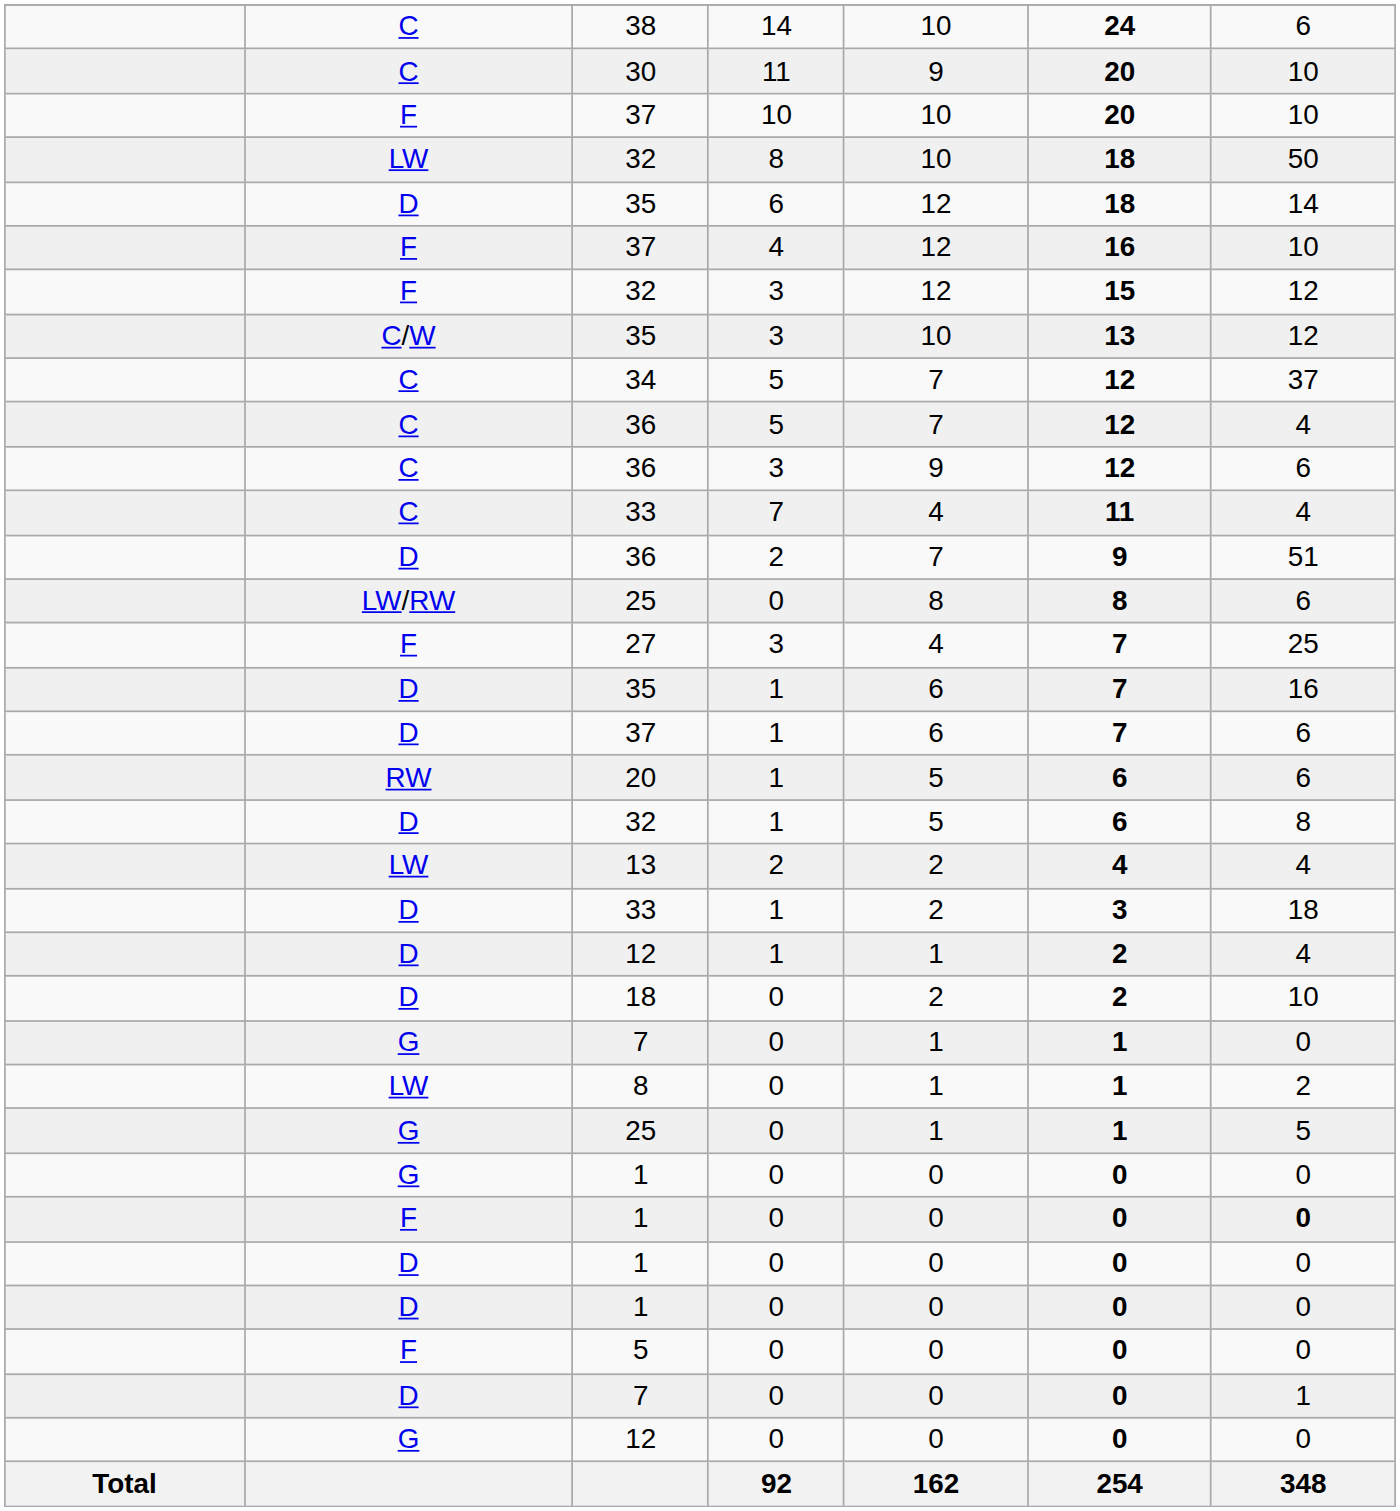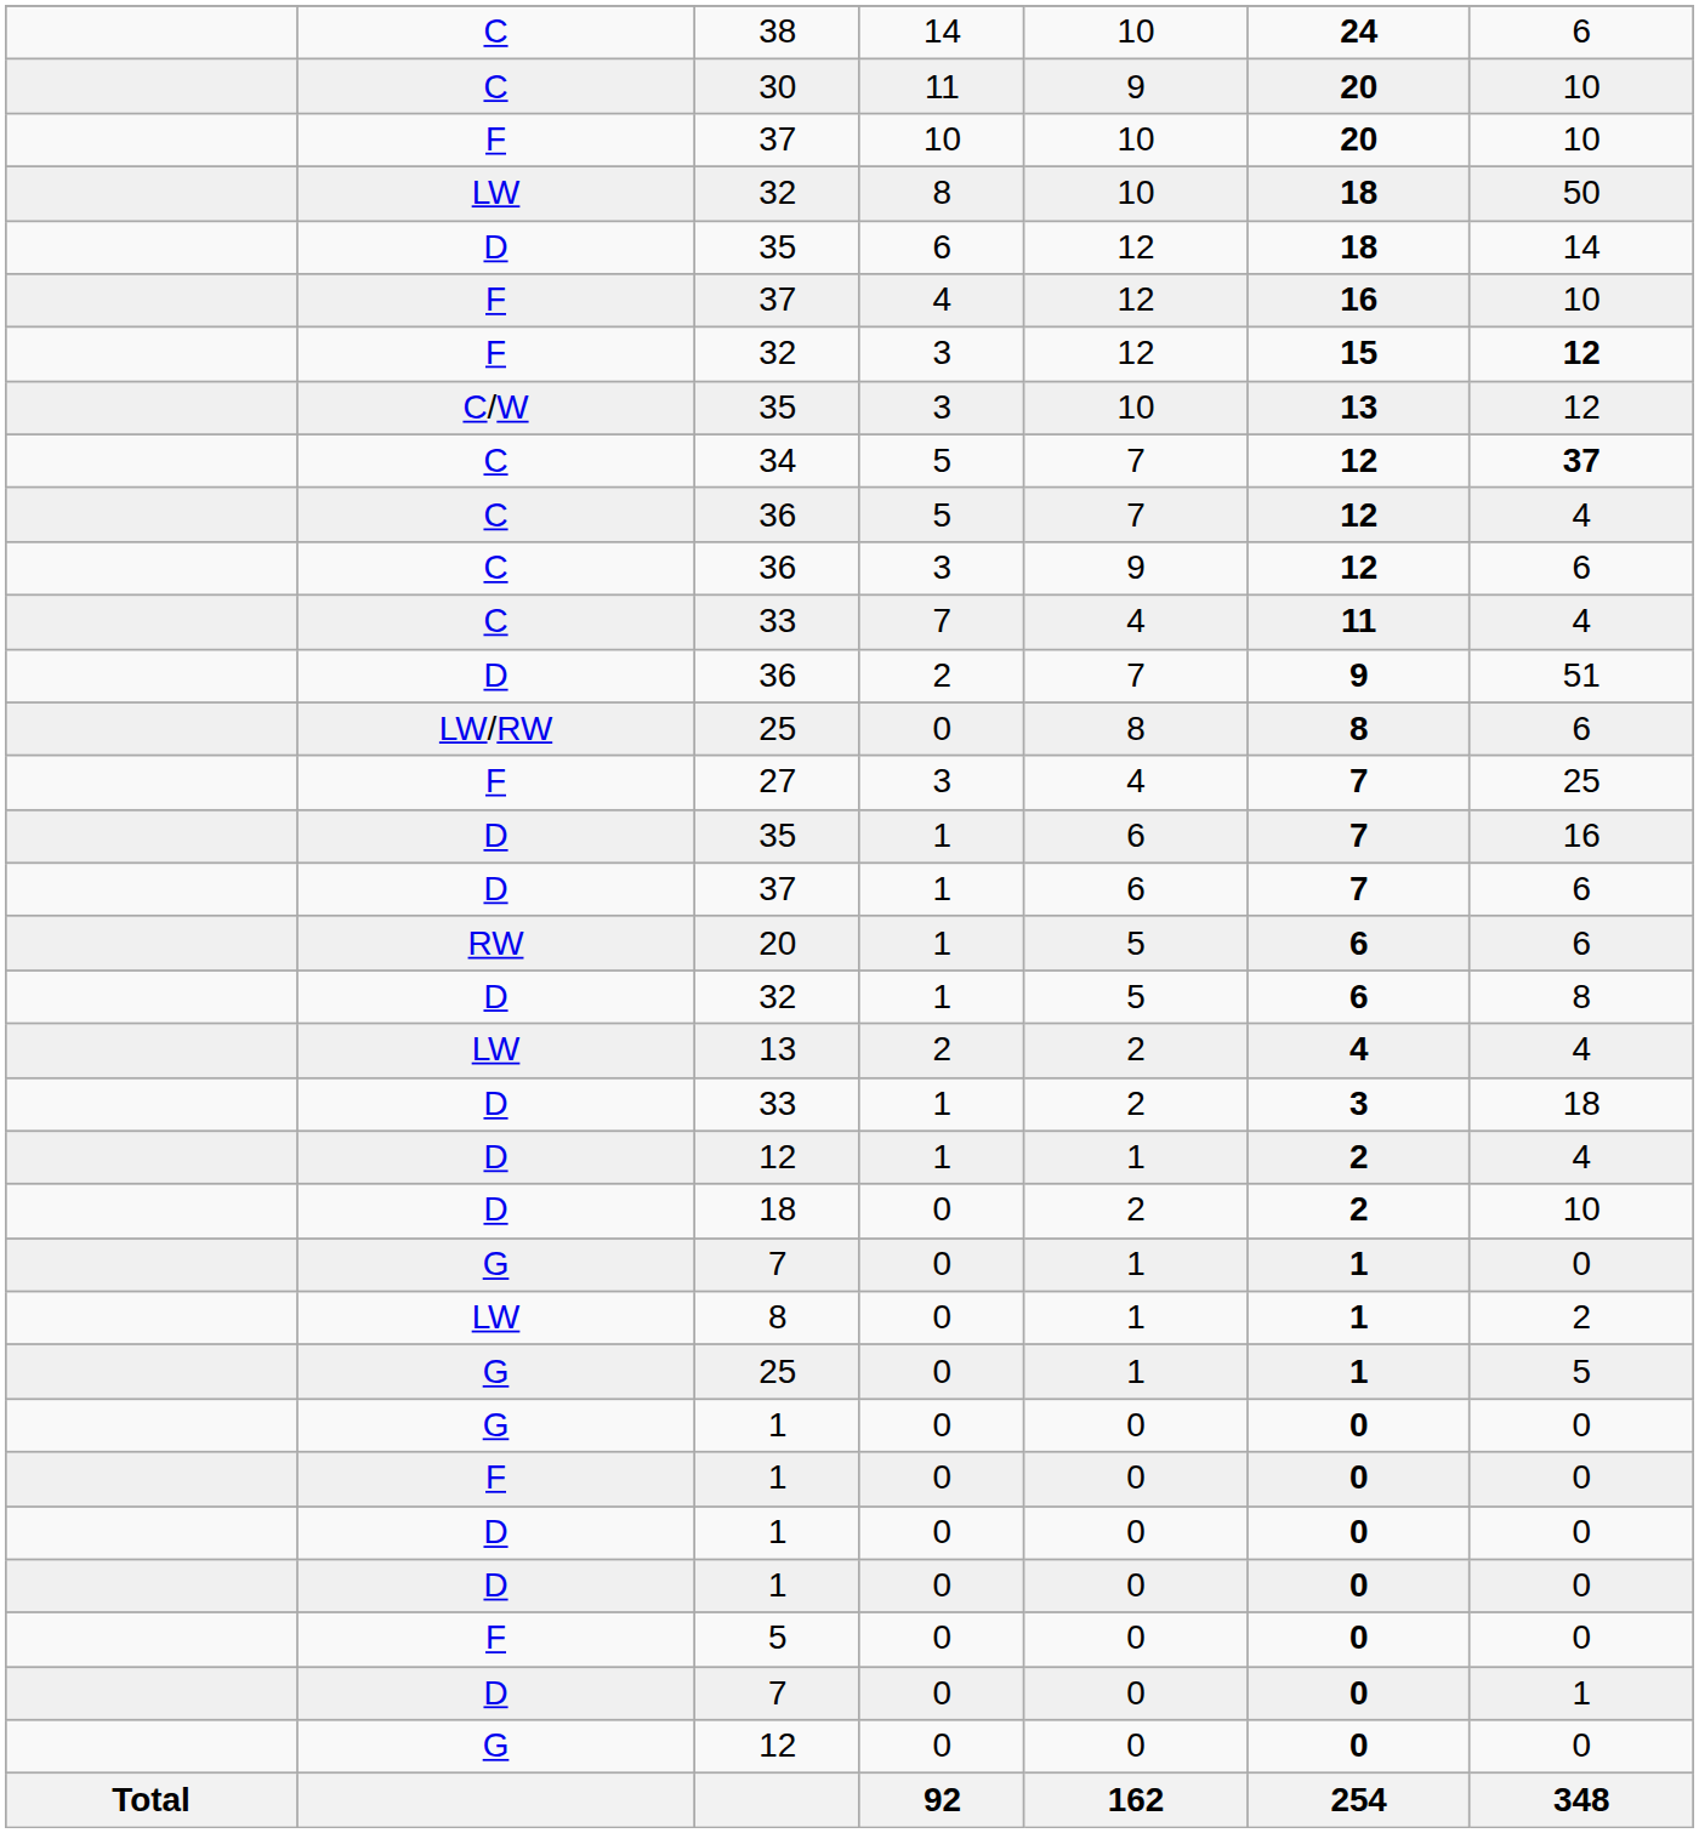 <table class="wikitable sortable" width ="800">
 <tr align="center">
 </tr>
 <tr align="center" bgcolor="">
 <td></td>
 <td><a href='#'>C</a></td>
 <td>38</td>
 <td>14</td>
 <td>10</td>
 <td><strong>24</strong></td>
 <td>6</td>
 </tr>
 <tr align="center" bgcolor="f0f0f0">
 <td></td>
 <td><a href='#'>C</a></td>
 <td>30</td>
 <td>11</td>
 <td>9</td>
 <td><strong>20</strong></td>
 <td>10</td>
 </tr>
 <tr align="center" bgcolor="">
 <td></td>
 <td><a href='#'>F</a></td>
 <td>37</td>
 <td>10</td>
 <td>10</td>
 <td><strong>20</strong></td>
 <td>10</td>
 </tr>
 <tr align="center" bgcolor="f0f0f0">
 <td></td>
 <td><a href='#'>LW</a></td>
 <td>32</td>
 <td>8</td>
 <td>10</td>
 <td><strong>18</strong></td>
 <td>50</td>
 </tr>
 <tr align="center" bgcolor="">
 <td></td>
 <td><a href='#'>D</a></td>
 <td>35</td>
 <td>6</td>
 <td>12</td>
 <td><strong>18</strong></td>
 <td>14</td>
 </tr>
 <tr align="center" bgcolor="f0f0f0">
 <td></td>
 <td><a href='#'>F</a></td>
 <td>37</td>
 <td>4</td>
 <td>12</td>
 <td><strong>16</strong></td>
 <td>10</td>
 </tr>
 <tr align="center" bgcolor="">
 <td></td>
 <td><a href='#'>F</a></td>
 <td>32</td>
 <td>3</td>
 <td>12</td>
 <td><strong>15</strong></td>
-<td>12</td>
+<td><strong>12</strong></td>
 </tr>
 <tr align="center" bgcolor="f0f0f0">
 <td></td>
 <td><a href='#'>C</a>/<a href='#'>W</a></td>
 <td>35</td>
 <td>3</td>
 <td>10</td>
 <td><strong>13</strong></td>
 <td>12</td>
 </tr>
 <tr align="center" bgcolor="">
 <td></td>
 <td><a href='#'>C</a></td>
 <td>34</td>
 <td>5</td>
 <td>7</td>
 <td><strong>12</strong></td>
-<td>37</td>
+<td><strong>37</strong></td>
 </tr>
 <tr align="center" bgcolor="f0f0f0">
 <td></td>
 <td><a href='#'>C</a></td>
 <td>36</td>
 <td>5</td>
 <td>7</td>
 <td><strong>12</strong></td>
 <td>4</td>
 </tr>
 <tr align="center" bgcolor="">
 <td></td>
 <td><a href='#'>C</a></td>
 <td>36</td>
 <td>3</td>
 <td>9</td>
 <td><strong>12</strong></td>
 <td>6</td>
 </tr>
 <tr align="center" bgcolor="f0f0f0">
 <td></td>
 <td><a href='#'>C</a></td>
 <td>33</td>
 <td>7</td>
 <td>4</td>
 <td><strong>11</strong></td>
 <td>4</td>
 </tr>
 <tr align="center" bgcolor="">
 <td></td>
 <td><a href='#'>D</a></td>
 <td>36</td>
 <td>2</td>
 <td>7</td>
 <td><strong>9</strong></td>
 <td>51</td>
 </tr>
 <tr align="center" bgcolor="f0f0f0">
 <td></td>
 <td><a href='#'>LW</a>/<a href='#'>RW</a></td>
 <td>25</td>
 <td>0</td>
 <td>8</td>
 <td><strong>8</strong></td>
 <td>6</td>
 </tr>
 <tr align="center" bgcolor="">
 <td></td>
 <td><a href='#'>F</a></td>
 <td>27</td>
 <td>3</td>
 <td>4</td>
 <td><strong>7</strong></td>
 <td>25</td>
 </tr>
 <tr align="center" bgcolor="f0f0f0">
 <td></td>
 <td><a href='#'>D</a></td>
 <td>35</td>
 <td>1</td>
 <td>6</td>
 <td><strong>7</strong></td>
 <td>16</td>
 </tr>
 <tr align="center" bgcolor="">
 <td></td>
 <td><a href='#'>D</a></td>
 <td>37</td>
 <td>1</td>
 <td>6</td>
 <td><strong>7</strong></td>
 <td>6</td>
 </tr>
 <tr align="center" bgcolor="f0f0f0">
 <td></td>
 <td><a href='#'>RW</a></td>
 <td>20</td>
 <td>1</td>
 <td>5</td>
 <td><strong>6</strong></td>
 <td>6</td>
 </tr>
 <tr align="center" bgcolor="">
 <td></td>
 <td><a href='#'>D</a></td>
 <td>32</td>
 <td>1</td>
 <td>5</td>
 <td><strong>6</strong></td>
 <td>8</td>
 </tr>
 <tr align="center" bgcolor="f0f0f0">
 <td></td>
 <td><a href='#'>LW</a></td>
 <td>13</td>
 <td>2</td>
 <td>2</td>
 <td><strong>4</strong></td>
 <td>4</td>
 </tr>
 <tr align="center" bgcolor="">
 <td></td>
 <td><a href='#'>D</a></td>
 <td>33</td>
 <td>1</td>
 <td>2</td>
 <td><strong>3</strong></td>
 <td>18</td>
 </tr>
 <tr align="center" bgcolor="f0f0f0">
 <td></td>
 <td><a href='#'>D</a></td>
 <td>12</td>
 <td>1</td>
 <td>1</td>
 <td><strong>2</strong></td>
 <td>4</td>
 </tr>
 <tr align="center" bgcolor="">
 <td></td>
 <td><a href='#'>D</a></td>
 <td>18</td>
 <td>0</td>
 <td>2</td>
 <td><strong>2</strong></td>
 <td>10</td>
 </tr>
 <tr align="center" bgcolor="f0f0f0">
 <td></td>
 <td><a href='#'>G</a></td>
 <td>7</td>
 <td>0</td>
 <td>1</td>
 <td><strong>1</strong></td>
 <td>0</td>
 </tr>
 <tr align="center" bgcolor="">
 <td></td>
 <td><a href='#'>LW</a></td>
 <td>8</td>
 <td>0</td>
 <td>1</td>
 <td><strong>1</strong></td>
 <td>2</td>
 </tr>
 <tr align="center" bgcolor="f0f0f0">
 <td></td>
 <td><a href='#'>G</a></td>
 <td>25</td>
 <td>0</td>
 <td>1</td>
 <td><strong>1</strong></td>
 <td>5</td>
 </tr>
 <tr align="center" bgcolor="">
 <td></td>
 <td><a href='#'>G</a></td>
 <td>1</td>
 <td>0</td>
 <td>0</td>
 <td><strong>0</strong></td>
 <td>0</td>
 </tr>
 <tr align="center" bgcolor="f0f0f0">
 <td></td>
 <td><a href='#'>F</a></td>
 <td>1</td>
 <td>0</td>
 <td>0</td>
 <td><strong>0</strong></td>
-<td><strong>0</strong></td>
+<td>0</td>
 </tr>
 <tr align="center" bgcolor="">
 <td></td>
 <td><a href='#'>D</a></td>
 <td>1</td>
 <td>0</td>
 <td>0</td>
 <td><strong>0</strong></td>
 <td>0</td>
 </tr>
 <tr align="center" bgcolor="f0f0f0">
 <td></td>
 <td><a href='#'>D</a></td>
 <td>1</td>
 <td>0</td>
 <td>0</td>
 <td><strong>0</strong></td>
 <td>0</td>
 </tr>
 <tr align="center" bgcolor="">
 <td></td>
 <td><a href='#'>F</a></td>
 <td>5</td>
 <td>0</td>
 <td>0</td>
 <td><strong>0</strong></td>
 <td>0</td>
 </tr>
 <tr align="center" bgcolor="f0f0f0">
 <td></td>
 <td><a href='#'>D</a></td>
 <td>7</td>
 <td>0</td>
 <td>0</td>
 <td><strong>0</strong></td>
 <td>1</td>
 </tr>
 <tr align="center" bgcolor="">
 <td></td>
 <td><a href='#'>G</a></td>
 <td>12</td>
 <td>0</td>
 <td>0</td>
 <td><strong>0</strong></td>
 <td>0</td>
 </tr>
 <tr>
 <th>Total</th>
 <th></th>
 <th></th>
 <th>92</th>
 <th>162</th>
 <th>254</th>
 <th>348</th>
 </tr>
 </table>
